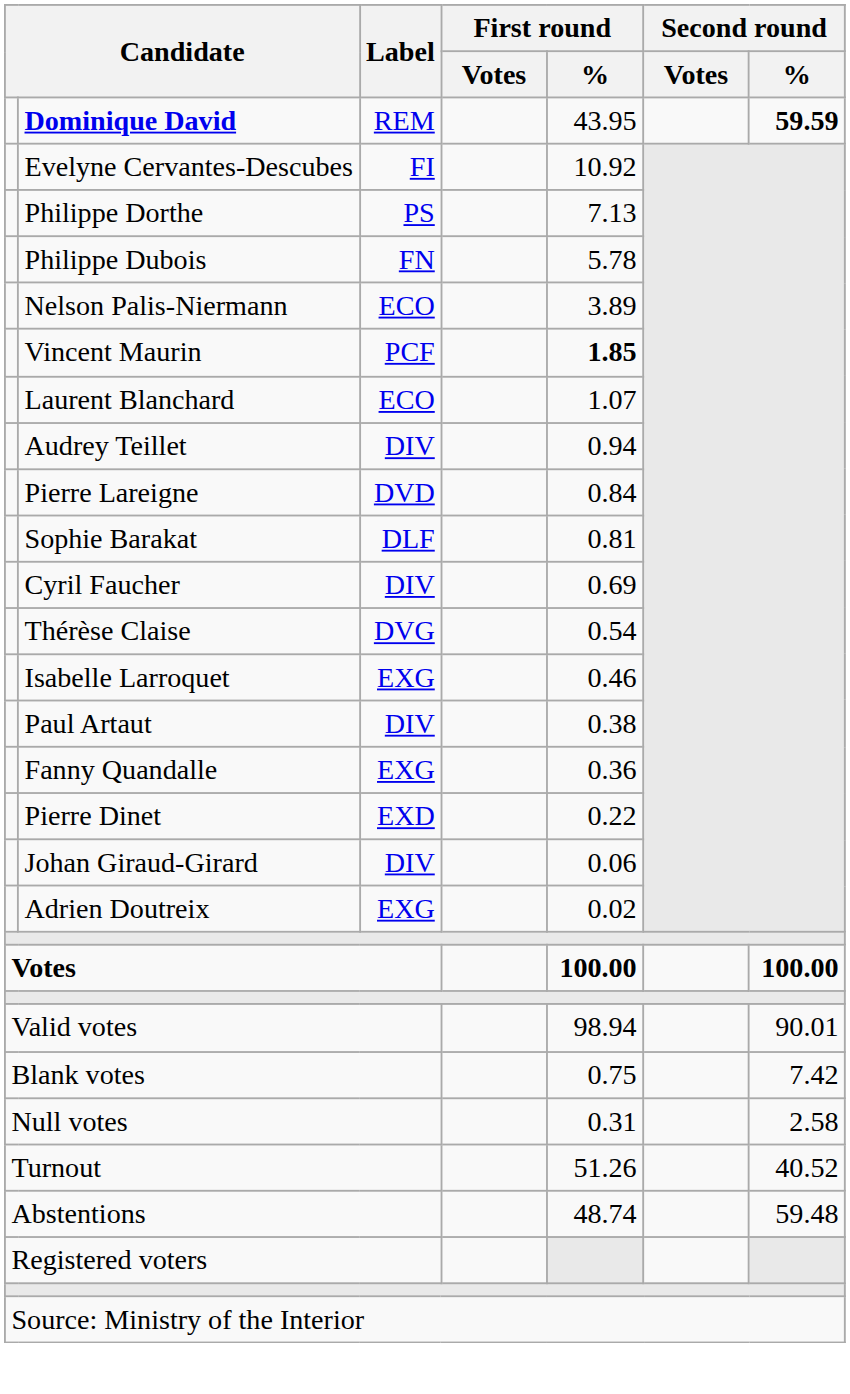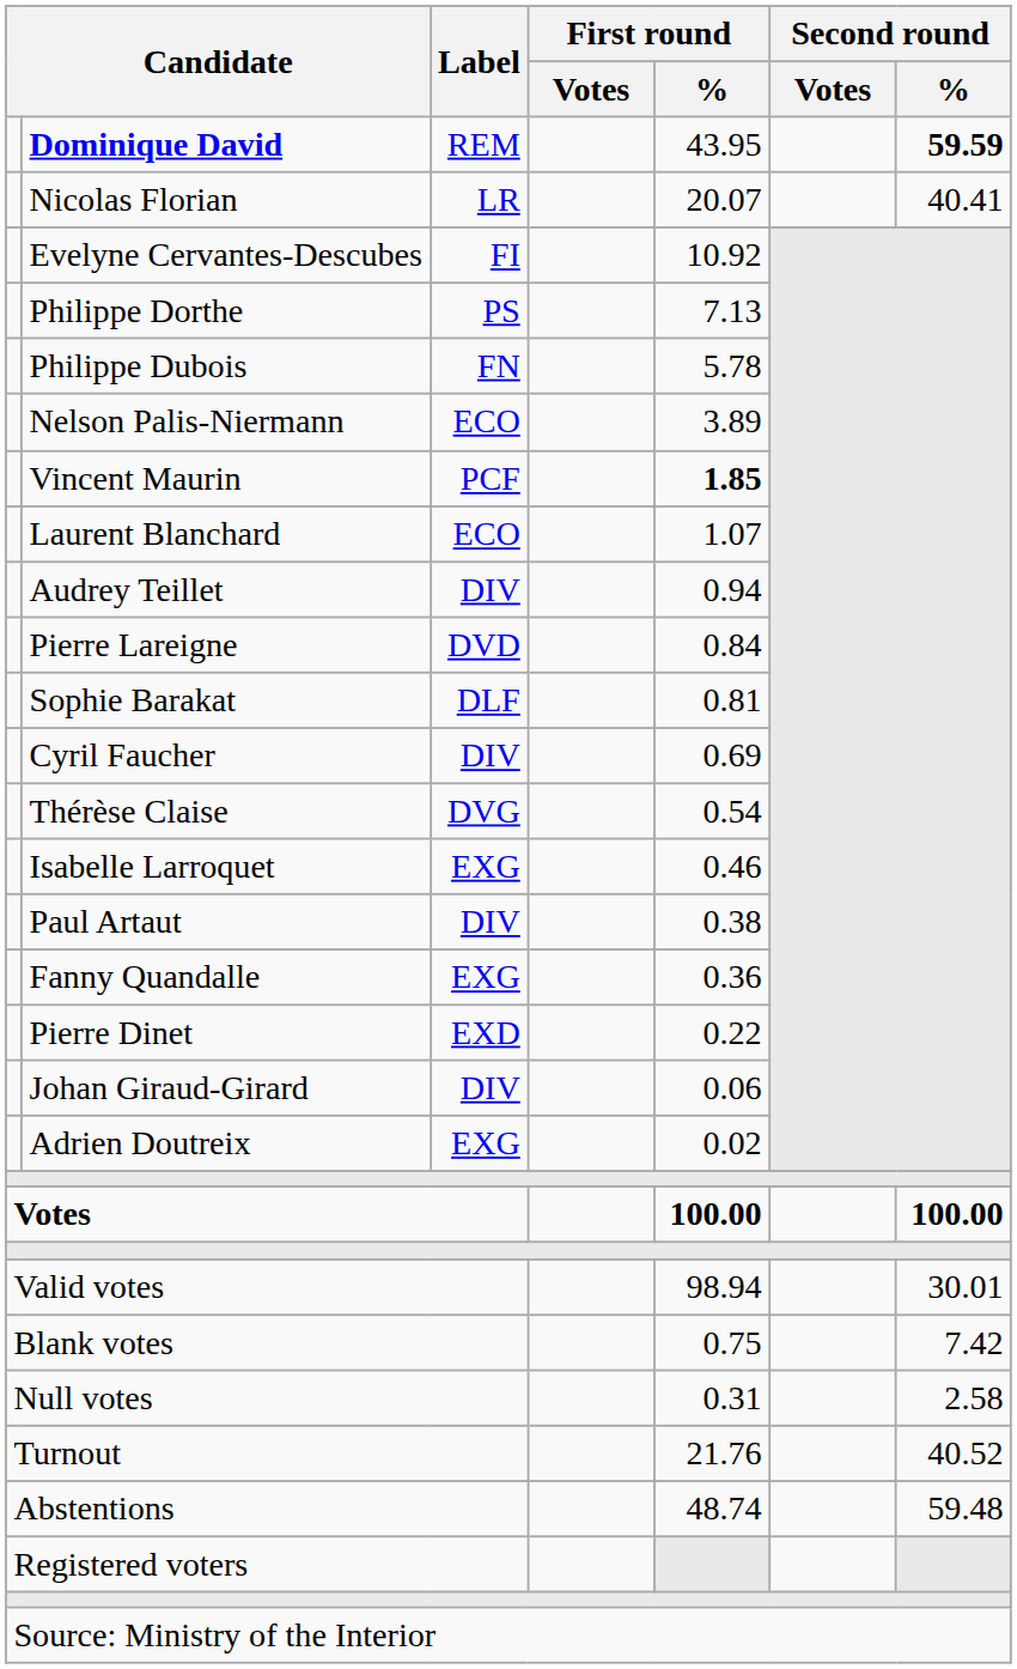 <table class="wikitable" style="text-align:right;font-size:95%;">
 <tr>
 <th rowspan="2" colspan="2">Candidate</th>
 <th rowspan="2">Label</th>
 <th colspan="2">First round</th>
 <th colspan="2">Second round</th>
 </tr>
 <tr>
 <th style="width:50px;">Votes</th>
 <th style="width:45px;">%</th>
 <th style="width:50px;">Votes</th>
 <th style="width:45px;">%</th>
 </tr>
 <tr>
 <td style="color:inherit;background:"></td>
 <td style="text-align:left;"><strong><a href='#'>Dominique David</a></strong></td>
 <td><a href='#'>REM</a></td>
 <td></td>
 <td>43.95</td>
 <td><strong></strong></td>
 <td><strong>59.59</strong></td>
+</tr>
+<tr>
+<td style="color:inherit;background:"></td>
+<td style="text-align:left;">Nicolas Florian</td>
+<td><a href='#'>LR</a></td>
+<td></td>
+<td>20.07</td>
+<td></td>
+<td>40.41</td>
 </tr>
 <tr>
 <td style="color:inherit;background:"></td>
 <td style="text-align:left;">Evelyne Cervantes-Descubes</td>
 <td><a href='#'>FI</a></td>
 <td></td>
 <td>10.92</td>
 <td colspan="2" rowspan="17" style="background:#E9E9E9;"></td>
 </tr>
 <tr>
 <td style="color:inherit;background:"></td>
 <td style="text-align:left;">Philippe Dorthe</td>
 <td><a href='#'>PS</a></td>
 <td></td>
 <td>7.13</td>
 </tr>
 <tr>
 <td style="color:inherit;background:"></td>
 <td style="text-align:left;">Philippe Dubois</td>
 <td><a href='#'>FN</a></td>
 <td></td>
 <td>5.78</td>
 </tr>
 <tr>
 <td style="color:inherit;background:"></td>
 <td style="text-align:left;">Nelson Palis-Niermann</td>
 <td><a href='#'>ECO</a></td>
 <td></td>
 <td>3.89</td>
 </tr>
 <tr>
 <td style="color:inherit;background:"></td>
 <td style="text-align:left;">Vincent Maurin</td>
 <td><a href='#'>PCF</a></td>
 <td></td>
 <td><strong>1.85</strong></td>
 </tr>
 <tr>
 <td style="color:inherit;background:"></td>
 <td style="text-align:left;">Laurent Blanchard</td>
 <td><a href='#'>ECO</a></td>
 <td></td>
 <td>1.07</td>
 </tr>
 <tr>
 <td style="color:inherit;background:"></td>
 <td style="text-align:left;">Audrey Teillet</td>
 <td><a href='#'>DIV</a></td>
 <td></td>
 <td>0.94</td>
 </tr>
 <tr>
 <td style="color:inherit;background:"></td>
 <td style="text-align:left;">Pierre Lareigne</td>
 <td><a href='#'>DVD</a></td>
 <td></td>
 <td>0.84</td>
 </tr>
 <tr>
 <td style="color:inherit;background:"></td>
 <td style="text-align:left;">Sophie Barakat</td>
 <td><a href='#'>DLF</a></td>
 <td></td>
 <td>0.81</td>
 </tr>
 <tr>
 <td style="color:inherit;background:"></td>
 <td style="text-align:left;">Cyril Faucher</td>
 <td><a href='#'>DIV</a></td>
 <td></td>
 <td>0.69</td>
 </tr>
 <tr>
 <td style="color:inherit;background:"></td>
 <td style="text-align:left;">Thérèse Claise</td>
 <td><a href='#'>DVG</a></td>
 <td></td>
 <td>0.54</td>
 </tr>
 <tr>
 <td style="color:inherit;background:"></td>
 <td style="text-align:left;">Isabelle Larroquet</td>
 <td><a href='#'>EXG</a></td>
 <td></td>
 <td>0.46</td>
 </tr>
 <tr>
 <td style="color:inherit;background:"></td>
 <td style="text-align:left;">Paul Artaut</td>
 <td><a href='#'>DIV</a></td>
 <td></td>
 <td>0.38</td>
 </tr>
 <tr>
 <td style="color:inherit;background:"></td>
 <td style="text-align:left;">Fanny Quandalle</td>
 <td><a href='#'>EXG</a></td>
 <td></td>
 <td>0.36</td>
 </tr>
 <tr>
 <td style="color:inherit;background:"></td>
 <td style="text-align:left;">Pierre Dinet</td>
 <td><a href='#'>EXD</a></td>
 <td></td>
 <td>0.22</td>
 </tr>
 <tr>
 <td style="color:inherit;background:"></td>
 <td style="text-align:left;">Johan Giraud-Girard</td>
 <td><a href='#'>DIV</a></td>
 <td></td>
 <td>0.06</td>
 </tr>
 <tr>
 <td style="color:inherit;background:"></td>
 <td style="text-align:left;">Adrien Doutreix</td>
 <td><a href='#'>EXG</a></td>
 <td></td>
 <td>0.02</td>
 </tr>
 <tr>
 <td colspan="7" style="background:#E9E9E9;"></td>
 </tr>
 <tr style="font-weight:bold;">
 <td colspan="3" style="text-align:left;">Votes</td>
 <td></td>
 <td>100.00</td>
 <td></td>
 <td>100.00</td>
 </tr>
 <tr>
 <td colspan="7" style="background:#E9E9E9;"></td>
 </tr>
 <tr>
 <td colspan="3" style="text-align:left;">Valid votes</td>
 <td></td>
 <td>98.94</td>
 <td></td>
-<td>90.01</td>
+<td>30.01</td>
 </tr>
 <tr>
 <td colspan="3" style="text-align:left;">Blank votes</td>
 <td></td>
 <td>0.75</td>
 <td></td>
 <td>7.42</td>
 </tr>
 <tr>
 <td colspan="3" style="text-align:left;">Null votes</td>
 <td></td>
 <td>0.31</td>
 <td></td>
 <td>2.58</td>
 </tr>
 <tr>
 <td colspan="3" style="text-align:left;">Turnout</td>
 <td></td>
-<td>51.26</td>
+<td>21.76</td>
 <td></td>
 <td>40.52</td>
 </tr>
 <tr>
 <td colspan="3" style="text-align:left;">Abstentions</td>
 <td></td>
 <td>48.74</td>
 <td></td>
 <td>59.48</td>
 </tr>
 <tr>
 <td colspan="3" style="text-align:left;">Registered voters</td>
 <td></td>
 <td style="color:inherit;background:#E9E9E9;"></td>
 <td></td>
 <td style="color:inherit;background:#E9E9E9;"></td>
 </tr>
 <tr>
 <td colspan="7" style="background:#E9E9E9;"></td>
 </tr>
 <tr>
 <td colspan="7" style="text-align:left;">Source: Ministry of the Interior</td>
 </tr>
 </table>
